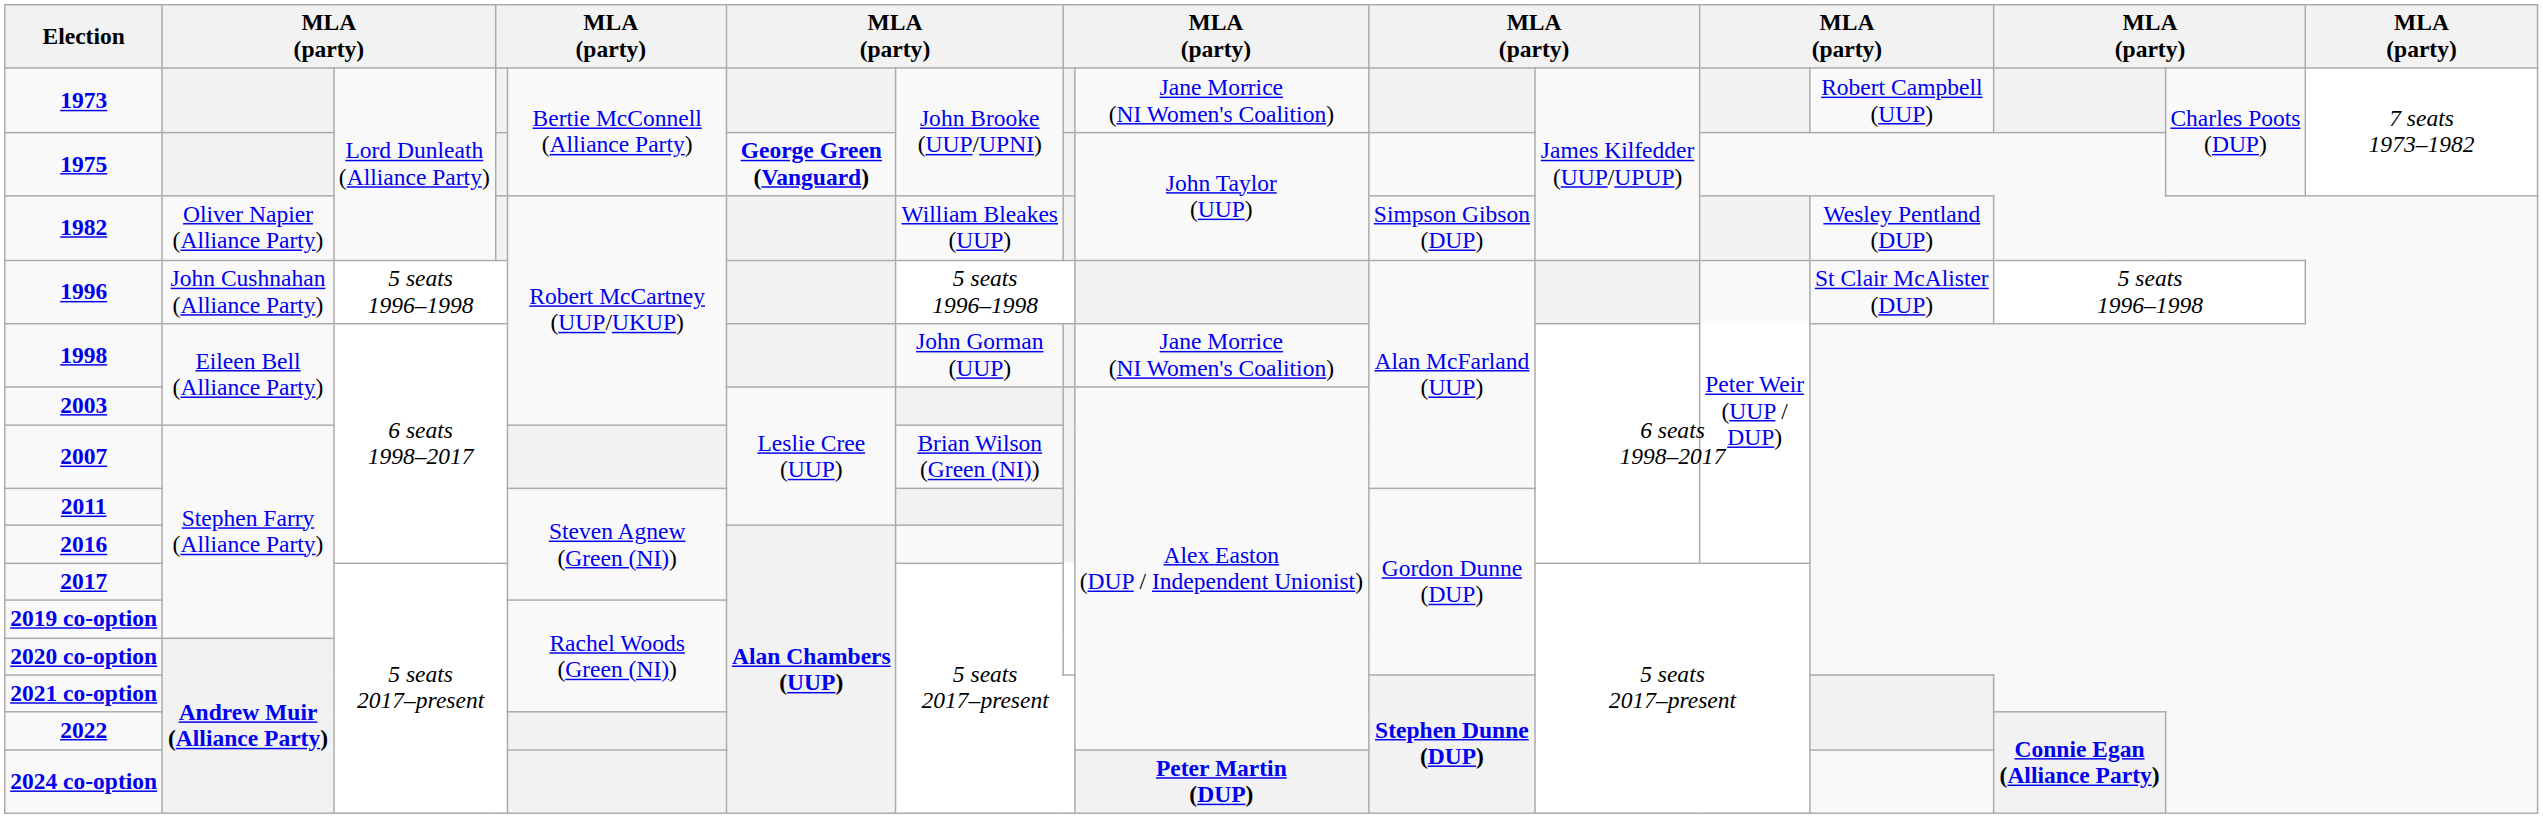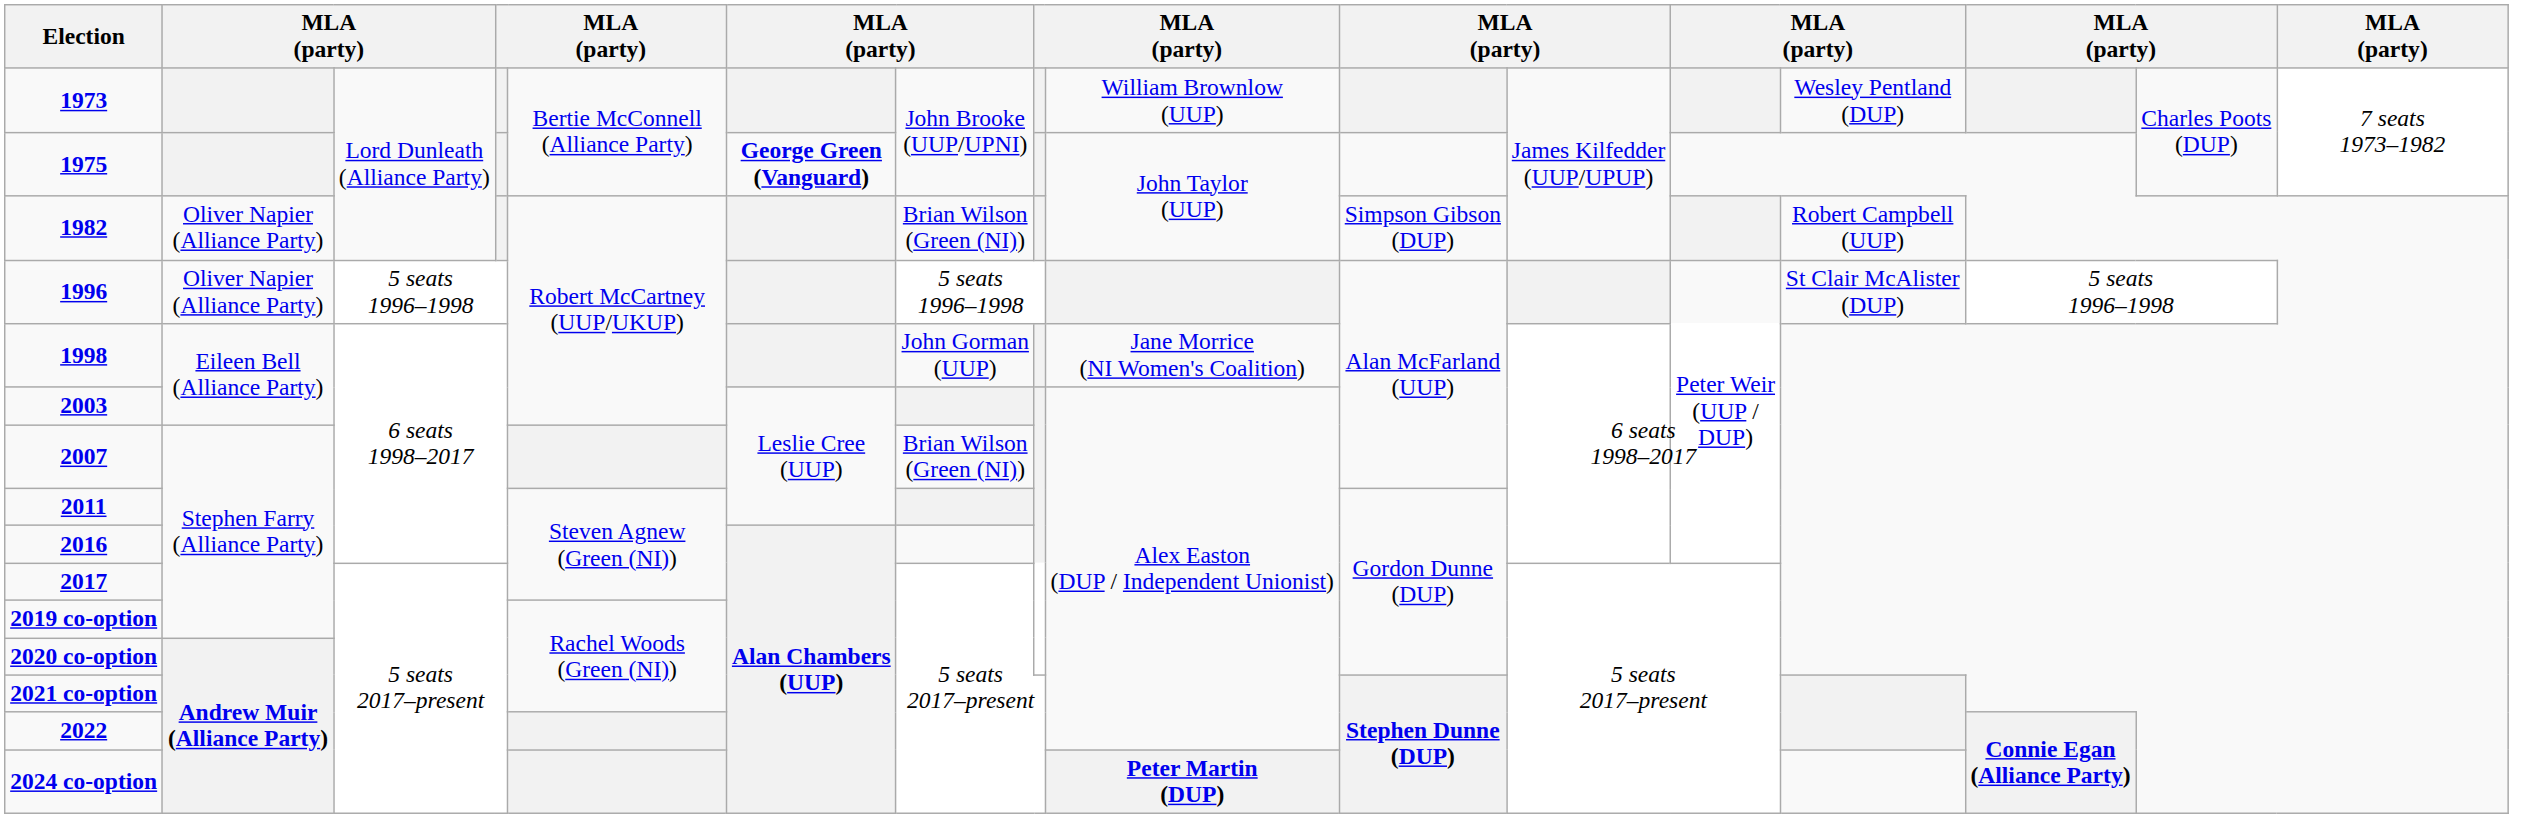 <table class="wikitable" style="text-align:center">
 <tr>
 <th>Election</th>
 <th scope="col" width="150" colspan = "2">MLA<br> (party)</th>
 <th scope="col" width="150" colspan = "2">MLA<br> (party)</th>
 <th scope="col" width="150" colspan = "2">MLA<br> (party)</th>
 <th scope="col" width="150" colspan = "2">MLA<br> (party)</th>
 <th scope="col" width="150" colspan = "2">MLA<br> (party)</th>
 <th scope="col" width="150" colspan = "2">MLA<br> (party)</th>
 <th scope="col" width="150" colspan = "2">MLA<br> (party)</th>
 <th scope="col" width="150" colspan = "2">MLA<br> (party)</th>
 </tr>
 <tr>
 <td><strong><a href='#'>1973</a></strong></td>
 <th style="background-color: "></th>
 <td rowspan=3><a href='#'>Lord Dunleath</a><br>(<a href='#'>Alliance Party</a>)</td>
 <th style="background-color: "></th>
 <td rowspan=2><a href='#'>Bertie McConnell</a><br>(<a href='#'>Alliance Party</a>)</td>
 <th style="background-color: "></th>
 <td rowspan=2><a href='#'>John Brooke</a><br>(<a href='#'>UUP</a>/<a href='#'>UPNI</a>)</td>
 <th style="background-color: "></th>
-<td><a href='#'>Jane Morrice</a><br>(<a href='#'>NI Women's Coalition</a>)</td>
+<td><a href='#'>William Brownlow</a><br>(<a href='#'>UUP</a>)</td>
 <th style="background-color: "></th>
 <td rowspan=3><a href='#'>James Kilfedder</a><br>(<a href='#'>UUP</a>/<a href='#'>UPUP</a>)</td>
 <th style="background-color: "></th>
-<td><a href='#'>Robert Campbell</a><br>(<a href='#'>UUP</a>)</td>
+<td><a href='#'>Wesley Pentland</a><br>(<a href='#'>DUP</a>)</td>
 <th style="background-color: "></th>
 <td rowspan=2><a href='#'>Charles Poots</a><br>(<a href='#'>DUP</a>)</td>
 <td style="background-color:#FFFFFF" rowspan=2 colspan=2><em>7 seats<br>1973–1982</em></td>
 </tr>
 <tr>
 <td><strong><a href='#'>1975</a></strong></td>
 <th style="background-color: "></th>
 <th style="background-color: "></th>
 <td><strong><a href='#'>George Green</a><br>(<a href='#'>Vanguard</a>)</strong></td>
 <th style="background-color: "></th>
 <td rowspan=2><a href='#'>John Taylor</a><br>(<a href='#'>UUP</a>)</td>
 </tr>
 <tr>
 <td><strong><a href='#'>1982</a></strong></td>
 <td><a href='#'>Oliver Napier</a><br>(<a href='#'>Alliance Party</a>)</td>
 <th style="background-color: "></th>
 <td rowspan=4><a href='#'>Robert McCartney</a><br>(<a href='#'>UUP</a>/<a href='#'>UKUP</a>)</td>
 <th style="background-color: "></th>
-<td><a href='#'>William Bleakes</a><br>(<a href='#'>UUP</a>)</td>
+<td><a href='#'>Brian Wilson</a><br>(<a href='#'>Green (NI)</a>)</td>
 <th style="background-color: "></th>
 <td><a href='#'>Simpson Gibson</a><br>(<a href='#'>DUP</a>)</td>
 <th style="background-color: "></th>
-<td><a href='#'>Wesley Pentland</a><br>(<a href='#'>DUP</a>)</td>
+<td><a href='#'>Robert Campbell</a><br>(<a href='#'>UUP</a>)</td>
 </tr>
 <tr>
 <td><strong><a href='#'>1996</a></strong></td>
-<td><a href='#'>John Cushnahan</a><br>(<a href='#'>Alliance Party</a>)</td>
+<td><a href='#'>Oliver Napier</a><br>(<a href='#'>Alliance Party</a>)</td>
 <td style="background-color:#FFFFFF" colspan=2><em>5 seats<br>1996–1998</em></td>
 <th style="background-color: "></th>
 <td style="background-color:#FFFFFF" colspan=2><em>5 seats<br>1996–1998</em></td>
 <th style="background-color: "></th>
 <td rowspan=4><a href='#'>Alan McFarland</a><br>(<a href='#'>UUP</a>)</td>
 <th style="background-color: "></th>
 <td rowspan=6><a href='#'>Peter Weir</a><br>(<a href='#'>UUP</a> /<br><a href='#'>DUP</a>)</td>
 <td><a href='#'>St Clair McAlister</a><br>(<a href='#'>DUP</a>)</td>
 <td style="background-color:#FFFFFF" colspan=2><em>5 seats<br>1996–1998</em></td>
 </tr>
 <tr>
 <td><strong><a href='#'>1998</a></strong></td>
 <td rowspan=2><a href='#'>Eileen Bell</a><br>(<a href='#'>Alliance Party</a>)</td>
 <td style="background-color:#FFFFFF" rowspan=5 colspan=2><em>6 seats<br>1998–2017</em></td>
 <th style="background-color: "></th>
 <td><a href='#'>John Gorman</a><br>(<a href='#'>UUP</a>)</td>
 <th style="background-color: "></th>
 <td><a href='#'>Jane Morrice</a><br>(<a href='#'>NI Women's Coalition</a>)</td>
 <td style="background-color:#FFFFFF" rowspan=5 colspan=2><em>6 seats<br>1998–2017</em></td>
 </tr>
 <tr>
 <td><strong><a href='#'>2003</a></strong></td>
 <td rowspan=3><a href='#'>Leslie Cree</a><br>(<a href='#'>UUP</a>)</td>
 <th style="background-color: "></th>
 <th rowspan="7" style="background-color: "></th>
 <td rowspan="9"><a href='#'>Alex Easton</a><br>(<a href='#'>DUP</a> / <a href='#'>Independent Unionist</a>)</td>
 </tr>
 <tr>
 <td><strong><a href='#'>2007</a></strong></td>
 <td rowspan=5><a href='#'>Stephen Farry</a><br>(<a href='#'>Alliance Party</a>)</td>
 <th style="background-color: "></th>
 <td><a href='#'>Brian Wilson</a><br>(<a href='#'>Green (NI)</a>)</td>
 </tr>
 <tr>
 <td><strong><a href='#'>2011</a></strong></td>
 <td rowspan=3><a href='#'>Steven Agnew</a><br>(<a href='#'>Green (NI)</a>)</td>
 <th style="background-color: "></th>
 <td rowspan=5><a href='#'>Gordon Dunne</a><br>(<a href='#'>DUP</a>)</td>
 </tr>
 <tr>
 <td><strong><a href='#'>2016</a></strong></td>
 <th rowspan=7><a href='#'>Alan Chambers</a><br>(<a href='#'>UUP</a>)</th>
 </tr>
 <tr>
 <td><strong><a href='#'>2017</a></strong></td>
 <td style="background-color:#FFFFFF" rowspan=6 colspan=2><em>5 seats<br>2017–present</em></td>
 <td style="background-color:#FFFFFF" rowspan=6 colspan=2><em>5 seats<br>2017–present</em></td>
 <td style="background-color:#FFFFFF" rowspan=6 colspan=2><em>5 seats<br>2017–present</em></td>
 </tr>
 <tr>
 <td><strong><a href='#'>2019 co-option</a></strong></td>
 <td rowspan=3><a href='#'>Rachel Woods</a><br>(<a href='#'>Green (NI)</a>)</td>
 </tr>
 <tr>
 <td><strong><a href='#'>2020 co-option</a></strong></td>
 <th rowspan=4><a href='#'>Andrew Muir</a><br>(<a href='#'>Alliance Party</a>)</th>
 </tr>
 <tr>
 <td><strong><a href='#'>2021 co-option</a></strong></td>
 <th rowspan=3><a href='#'>Stephen Dunne</a><br>(<a href='#'>DUP</a>)</th>
 <th rowspan="2" style="background-color: "></th>
 </tr>
 <tr>
 <td><strong><a href='#'>2022</a></strong></td>
 <th style="background-color: "></th>
 <th rowspan=2><a href='#'>Connie Egan</a><br>(<a href='#'>Alliance Party</a>)</th>
 </tr>
 <tr>
 <td><strong><a href='#'>2024 co-option</a></strong></td>
 <th style="background-color: "></th>
 <th><a href='#'>Peter Martin</a> <br>(<a href='#'>DUP</a>)</th>
 </tr>
 </table>
